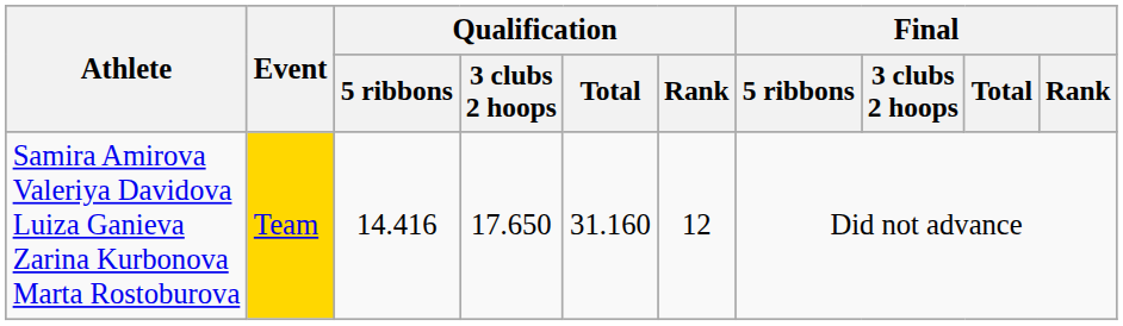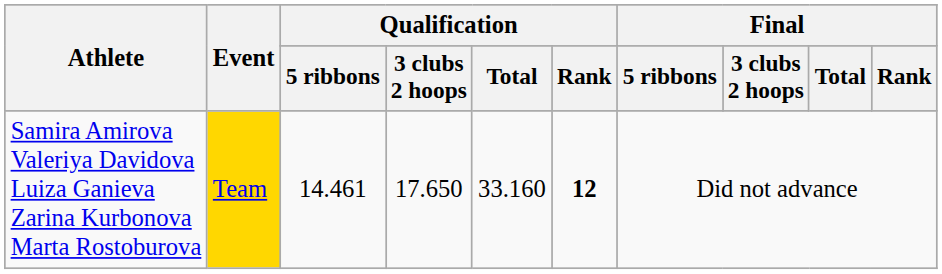 <table class="wikitable" style="font-size:90%">
 <tr>
 <th rowspan="2">Athlete</th>
 <th rowspan="2">Event</th>
 <th colspan="4">Qualification</th>
 <th colspan="4">Final</th>
 </tr>
 <tr style="font-size:95%">
 <th>5 ribbons</th>
 <th>3 clubs <br>2 hoops</th>
 <th>Total</th>
 <th>Rank</th>
 <th>5 ribbons</th>
 <th>3 clubs<br>2 hoops</th>
 <th>Total</th>
 <th>Rank</th>
 </tr>
 <tr align=center>
 <td align=left><a href='#'>Samira Amirova</a><br><a href='#'>Valeriya Davidova</a><br><a href='#'>Luiza Ganieva</a><br><a href='#'>Zarina Kurbonova</a><br><a href='#'>Marta Rostoburova</a></td>
 <td align=left style="background: gold;"><a href='#'>Team</a></td>
-<td>14.416</td>
+<td>14.461</td>
 <td>17.650</td>
-<td>31.160</td>
-<td>12</td>
+<td>33.160</td>
+<td><strong>12</strong></td>
 <td colspan=4>Did not advance</td>
 </tr>
 </table>
